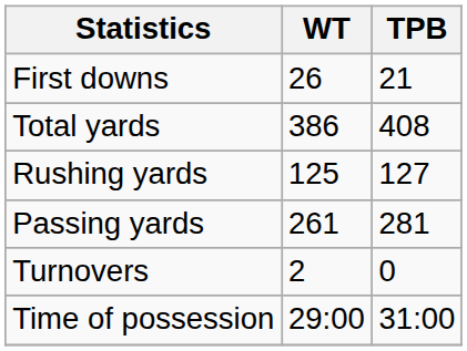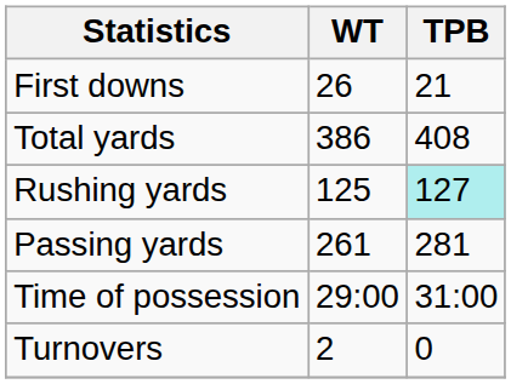 <table class="wikitable" style="float: left;">
 <tr>
 <th>Statistics</th>
 <th>WT</th>
 <th>TPB</th>
 </tr>
 <tr>
 <td>First downs</td>
 <td>26</td>
 <td>21</td>
 </tr>
 <tr>
 <td>Total yards</td>
 <td>386</td>
 <td>408</td>
 </tr>
 <tr>
 <td>Rushing yards</td>
 <td>125</td>
-<td>127</td>
+<td style="background: paleturquoise;">127</td>
 </tr>
 <tr>
 <td>Passing yards</td>
 <td>261</td>
 <td>281</td>
 </tr>
 <tr>
+<td>Time of possession</td>
+<td>29:00</td>
+<td>31:00</td>
+</tr>
+<tr>
 <td>Turnovers</td>
 <td>2</td>
 <td>0</td>
 </tr>
 <tr>
-<td>Time of possession</td>
-<td>29:00</td>
-<td>31:00</td>
-</tr>
-<tr>
 </tr>
 </table>
